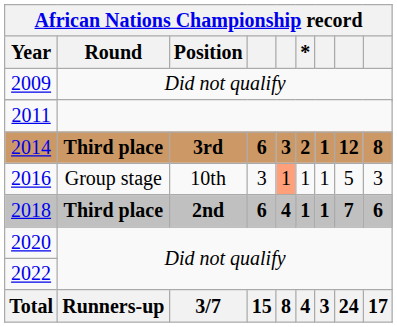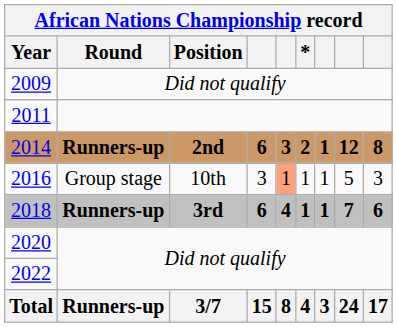 <table class="wikitable" style="text-align: center;">
 <tr>
 <th colspan=9><a href='#'>African Nations Championship</a> record</th>
 </tr>
 <tr>
 <th>Year</th>
 <th>Round</th>
 <th>Position</th>
 <th></th>
 <th></th>
 <th>*</th>
 <th></th>
 <th></th>
 <th></th>
 </tr>
 <tr bgcolor=#f9f9f9>
 <td> <a href='#'>2009</a></td>
 <td colspan="8" rowspan="2"><em>Did not qualify</em></td>
 </tr>
 <tr>
 </tr>
 <tr bgcolor=#f9f9f9>
 <td> <a href='#'>2011</a></td>
 </tr>
 <tr bgcolor="#cc9966">
 <td> <a href='#'>2014</a></td>
-<td><strong>Third place</strong></td>
-<td><strong>3rd</strong></td>
+<td><strong>Runners-up</strong></td>
+<td><strong>2nd</strong></td>
 <td><strong>6</strong></td>
 <td><strong>3</strong></td>
 <td><strong>2</strong></td>
 <td><strong>1</strong></td>
 <td><strong>12</strong></td>
 <td><strong>8</strong></td>
 </tr>
 <tr>
 <td> <a href='#'>2016</a></td>
 <td>Group stage</td>
 <td>10th</td>
 <td>3</td>
 <td style="background: lightsalmon;">1</td>
 <td>1</td>
 <td>1</td>
 <td>5</td>
 <td>3</td>
 </tr>
 <tr bgcolor="silver">
 <td> <a href='#'>2018</a></td>
-<td><strong>Third place</strong></td>
-<td><strong>2nd</strong></td>
+<td><strong>Runners-up</strong></td>
+<td><strong>3rd</strong></td>
 <td><strong>6</strong></td>
 <td><strong>4</strong></td>
 <td><strong>1</strong></td>
 <td><strong>1</strong></td>
 <td><strong>7</strong></td>
 <td><strong>6</strong></td>
 </tr>
 <tr>
 <td> <a href='#'>2020</a></td>
 <td colspan="8" rowspan=2><em>Did not qualify</em></td>
 </tr>
 <tr>
 <td> <a href='#'>2022</a></td>
 </tr>
 <tr>
 <th>Total</th>
 <th>Runners-up</th>
 <th>3/7</th>
 <th>15</th>
 <th>8</th>
 <th>4</th>
 <th>3</th>
 <th>24</th>
 <th>17</th>
 </tr>
 </table>
